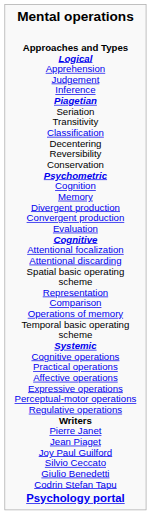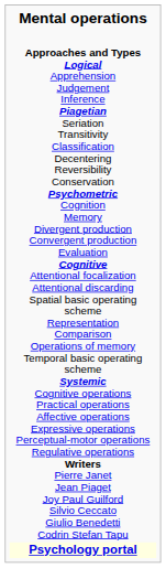 <table class="infobox" style="text-align:center; width:200px;">
 <tr>
 <td colspan="2"><big><strong>Mental operations</strong></big></td>
 </tr>
 <tr>
 </tr>
 <tr>
 <td></td>
 </tr>
 <tr>
 <td style="font-size:85%"><br><strong>Approaches and Types</strong><br> <strong><em><a href='#'>Logical</a></em></strong> <br>  <a href='#'>Apprehension</a> <br> <a href='#'>Judgement</a> <br> <a href='#'>Inference</a> <br> <strong><em><a href='#'>Piagetian</a></em></strong> <br> Seriation <br> Transitivity <br> <a href='#'>Classification</a> <br> Decentering <br> Reversibility <br> Conservation <br> <strong><em><a href='#'>Psychometric</a></em></strong> <br> <a href='#'>Cognition</a> <br> <a href='#'>Memory</a> <br> <a href='#'>Divergent production</a> <br> <a href='#'>Convergent production</a> <br> <a href='#'>Evaluation</a> <br> <strong><em><a href='#'>Cognitive</a></em></strong> <br> <a href='#'>Attentional focalization</a> <br> <a href='#'>Attentional discarding</a> <br> Spatial basic operating scheme <br> <a href='#'>Representation</a> <br> <a href='#'>Comparison</a> <br> <a href='#'>Operations of memory</a> <br> Temporal basic operating scheme <br> <strong><em><a href='#'>Systemic</a></em></strong> <br> <a href='#'>Cognitive operations</a> <br> <a href='#'>Practical operations</a> <br> <a href='#'>Affective operations</a> <br> <a href='#'>Expressive operations</a> <br> <a href='#'>Perceptual-motor operations</a> <br> <a href='#'>Regulative operations</a><br><strong>Writers</strong> <br> <a href='#'>Pierre Janet</a> <br> <a href='#'>Jean Piaget</a> <br> <a href='#'>Joy Paul Guilford</a> <br> <a href='#'>Silvio Ceccato</a> <br> <a href='#'>Giulio Benedetti</a> <br> <a href='#'>Codrin Stefan Tapu</a></td>
 </tr>
 <tr>
-<td style="font-size:100%"><strong><a href='#'>Psychology portal</a></strong></td>
+<td style="background: lightyellow; font-size:100%"><strong><a href='#'>Psychology portal</a></strong></td>
 </tr>
 </table>
